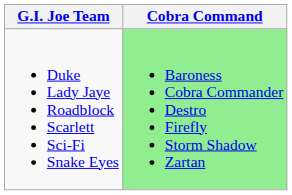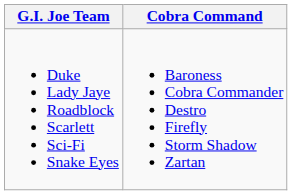 <table class="wikitable"  style="text-align:left">
 <tr>
 <th><strong><a href='#'>G.I. Joe Team</a></strong></th>
 <th><strong><a href='#'>Cobra Command</a></strong></th>
 </tr>
 <tr>
 <td><br><ul><li><a href='#'>Duke</a></li><li><a href='#'>Lady Jaye</a></li><li><a href='#'>Roadblock</a></li><li><a href='#'>Scarlett</a></li><li><a href='#'>Sci-Fi</a></li><li><a href='#'>Snake Eyes</a></li></ul></td>
-<td style="background: lightgreen;"><br><ul><li><a href='#'>Baroness</a></li><li><a href='#'>Cobra Commander</a></li><li><a href='#'>Destro</a></li><li><a href='#'>Firefly</a></li><li><a href='#'>Storm Shadow</a></li><li><a href='#'>Zartan</a></li></ul></td>
+<td><br><ul><li><a href='#'>Baroness</a></li><li><a href='#'>Cobra Commander</a></li><li><a href='#'>Destro</a></li><li><a href='#'>Firefly</a></li><li><a href='#'>Storm Shadow</a></li><li><a href='#'>Zartan</a></li></ul></td>
 </tr>
 </table>
